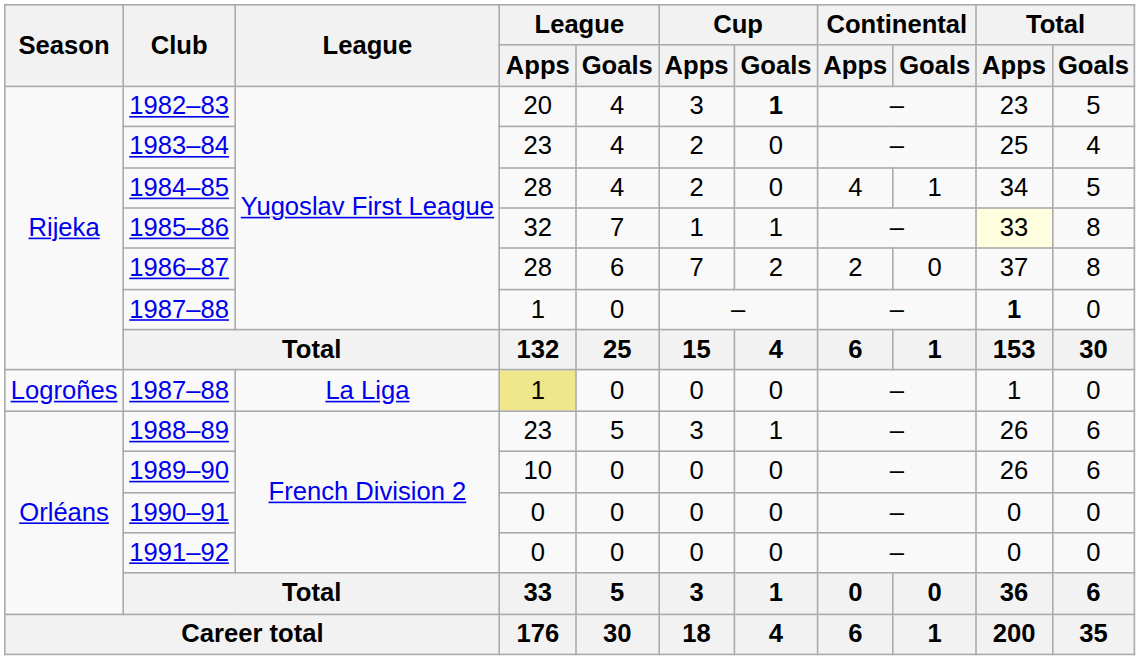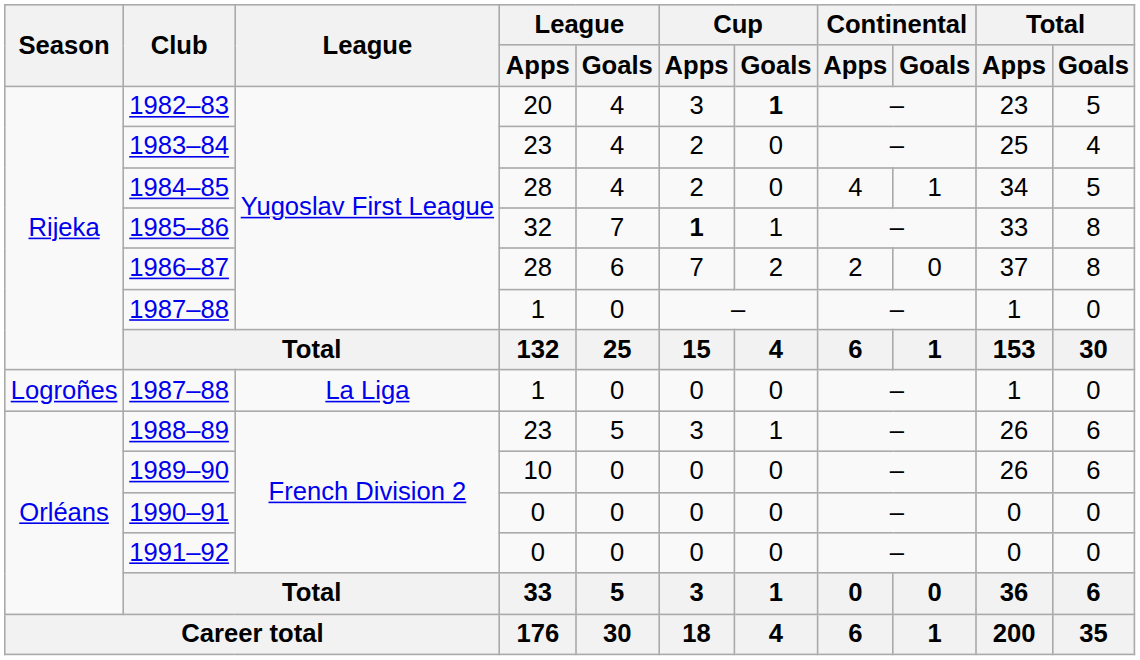 <table class="wikitable" style="text-align:center">
 <tr>
 <th rowspan="2">Season</th>
 <th rowspan="2">Club</th>
 <th rowspan="2">League</th>
 <th colspan="2">League</th>
 <th colspan="2">Cup</th>
 <th colspan="2">Continental</th>
 <th colspan="2">Total</th>
 </tr>
 <tr>
 <th>Apps</th>
 <th>Goals</th>
 <th>Apps</th>
 <th>Goals</th>
 <th>Apps</th>
 <th>Goals</th>
 <th>Apps</th>
 <th>Goals</th>
 </tr>
 <tr>
 <td rowspan="7"><a href='#'>Rijeka</a></td>
 <td><a href='#'>1982–83</a></td>
 <td rowspan="6"><a href='#'>Yugoslav First League</a></td>
 <td>20</td>
 <td>4</td>
 <td>3</td>
 <td><strong>1</strong></td>
 <td colspan="2">–</td>
 <td>23</td>
 <td>5</td>
 </tr>
 <tr>
 <td><a href='#'>1983–84</a></td>
 <td>23</td>
 <td>4</td>
 <td>2</td>
 <td>0</td>
 <td colspan="2">–</td>
 <td>25</td>
 <td>4</td>
 </tr>
 <tr>
 <td><a href='#'>1984–85</a></td>
 <td>28</td>
 <td>4</td>
 <td>2</td>
 <td>0</td>
 <td>4</td>
 <td>1</td>
 <td>34</td>
 <td>5</td>
 </tr>
 <tr>
 <td><a href='#'>1985–86</a></td>
 <td>32</td>
 <td>7</td>
-<td>1</td>
+<td><strong>1</strong></td>
 <td>1</td>
 <td colspan="2">–</td>
-<td style="background: lightyellow;">33</td>
+<td>33</td>
 <td>8</td>
 </tr>
 <tr>
 <td><a href='#'>1986–87</a></td>
 <td>28</td>
 <td>6</td>
 <td>7</td>
 <td>2</td>
 <td>2</td>
 <td>0</td>
 <td>37</td>
 <td>8</td>
 </tr>
 <tr>
 <td><a href='#'>1987–88</a></td>
 <td>1</td>
 <td>0</td>
 <td colspan="2">–</td>
 <td colspan="2">–</td>
-<td><strong>1</strong></td>
+<td>1</td>
 <td>0</td>
 </tr>
 <tr>
 <th colspan="2">Total</th>
 <th>132</th>
 <th>25</th>
 <th>15</th>
 <th>4</th>
 <th>6</th>
 <th>1</th>
 <th>153</th>
 <th>30</th>
 </tr>
 <tr>
 <td><a href='#'>Logroñes</a></td>
 <td><a href='#'>1987–88</a></td>
 <td><a href='#'>La Liga</a></td>
-<td style="background: khaki;">1</td>
+<td>1</td>
 <td>0</td>
 <td>0</td>
 <td>0</td>
 <td colspan="2">–</td>
 <td>1</td>
 <td>0</td>
 </tr>
 <tr>
 <td rowspan="5"><a href='#'>Orléans</a></td>
 <td><a href='#'>1988–89</a></td>
 <td rowspan="4"><a href='#'>French Division 2</a></td>
 <td>23</td>
 <td>5</td>
 <td>3</td>
 <td>1</td>
 <td colspan="2">–</td>
 <td>26</td>
 <td>6</td>
 </tr>
 <tr>
 <td><a href='#'>1989–90</a></td>
 <td>10</td>
 <td>0</td>
 <td>0</td>
 <td>0</td>
 <td colspan="2">–</td>
 <td>26</td>
 <td>6</td>
 </tr>
 <tr>
 <td><a href='#'>1990–91</a></td>
 <td>0</td>
 <td>0</td>
 <td>0</td>
 <td>0</td>
 <td colspan="2">–</td>
 <td>0</td>
 <td>0</td>
 </tr>
 <tr>
 <td><a href='#'>1991–92</a></td>
 <td>0</td>
 <td>0</td>
 <td>0</td>
 <td>0</td>
 <td colspan="2">–</td>
 <td>0</td>
 <td>0</td>
 </tr>
 <tr>
 <th colspan="2">Total</th>
 <th>33</th>
 <th>5</th>
 <th>3</th>
 <th>1</th>
 <th>0</th>
 <th>0</th>
 <th>36</th>
 <th>6</th>
 </tr>
 <tr>
 <th colspan="3">Career total</th>
 <th>176</th>
 <th>30</th>
 <th>18</th>
 <th>4</th>
 <th>6</th>
 <th>1</th>
 <th>200</th>
 <th>35</th>
 </tr>
 </table>
